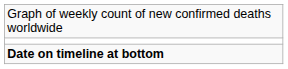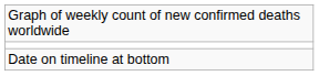 <table class=wikitable>
 <tr>
 <td style=max-width:350px>Graph of weekly count of new confirmed deaths worldwide</td>
 </tr>
 <tr>
 <td style=background-color:white;></td>
 </tr>
 <tr>
-<td style=max-width:350px><strong>Date on timeline at bottom</strong></td>
+<td style=max-width:350px>Date on timeline at bottom</td>
 </tr>
 </table>
